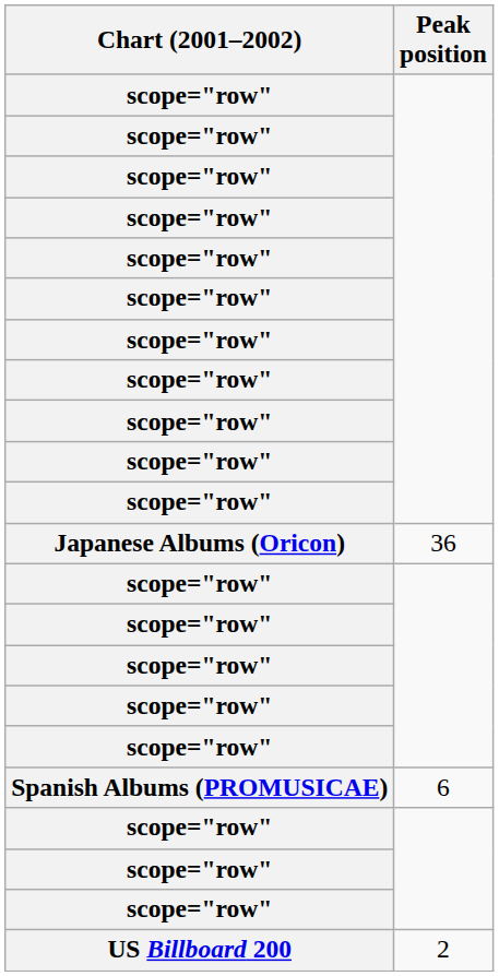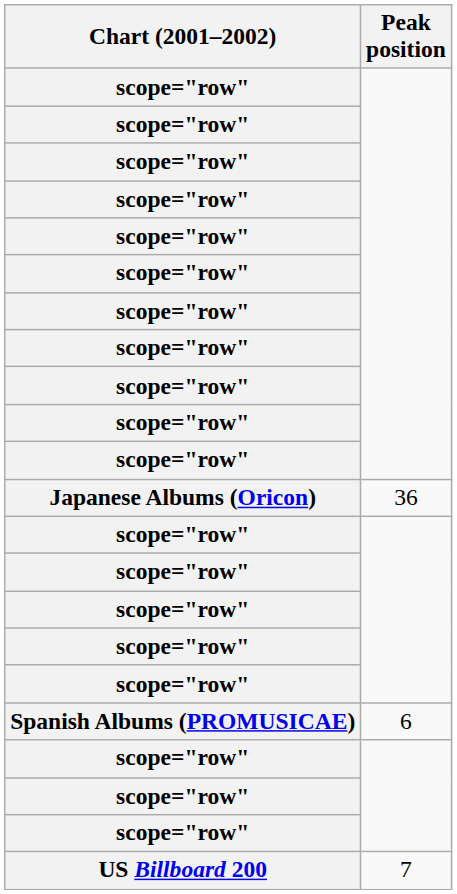 <table class="wikitable sortable plainrowheaders" style="text-align:center;">
 <tr>
 <th>Chart (2001–2002)</th>
 <th>Peak<br>position</th>
 </tr>
 <tr>
 <th>scope="row"</th>
 </tr>
 <tr>
 <th>scope="row"</th>
 </tr>
 <tr>
 <th>scope="row"</th>
 </tr>
 <tr>
 <th>scope="row"</th>
 </tr>
 <tr>
 <th>scope="row"</th>
 </tr>
 <tr>
 <th>scope="row"</th>
 </tr>
 <tr>
 <th>scope="row"</th>
 </tr>
 <tr>
 <th>scope="row"</th>
 </tr>
 <tr>
 <th>scope="row"</th>
 </tr>
 <tr>
 <th>scope="row"</th>
 </tr>
 <tr>
 <th>scope="row"</th>
 </tr>
 <tr>
 <th scope="row">Japanese Albums (<a href='#'>Oricon</a>)</th>
 <td align="center">36</td>
 </tr>
 <tr>
 <th>scope="row"</th>
 </tr>
 <tr>
 <th>scope="row"</th>
 </tr>
 <tr>
 <th>scope="row"</th>
 </tr>
 <tr>
 <th>scope="row"</th>
 </tr>
 <tr>
 <th>scope="row"</th>
 </tr>
 <tr>
 <th scope="row">Spanish Albums (<a href='#'>PROMUSICAE</a>)</th>
 <td align="center">6</td>
 </tr>
 <tr>
 <th>scope="row"</th>
 </tr>
 <tr>
 <th>scope="row"</th>
 </tr>
 <tr>
 <th>scope="row"</th>
 </tr>
 <tr>
 <th scope="row">US <a href='#'><em>Billboard</em> 200</a></th>
-<td align="center">2</td>
+<td align="center">7</td>
 </tr>
 </table>
